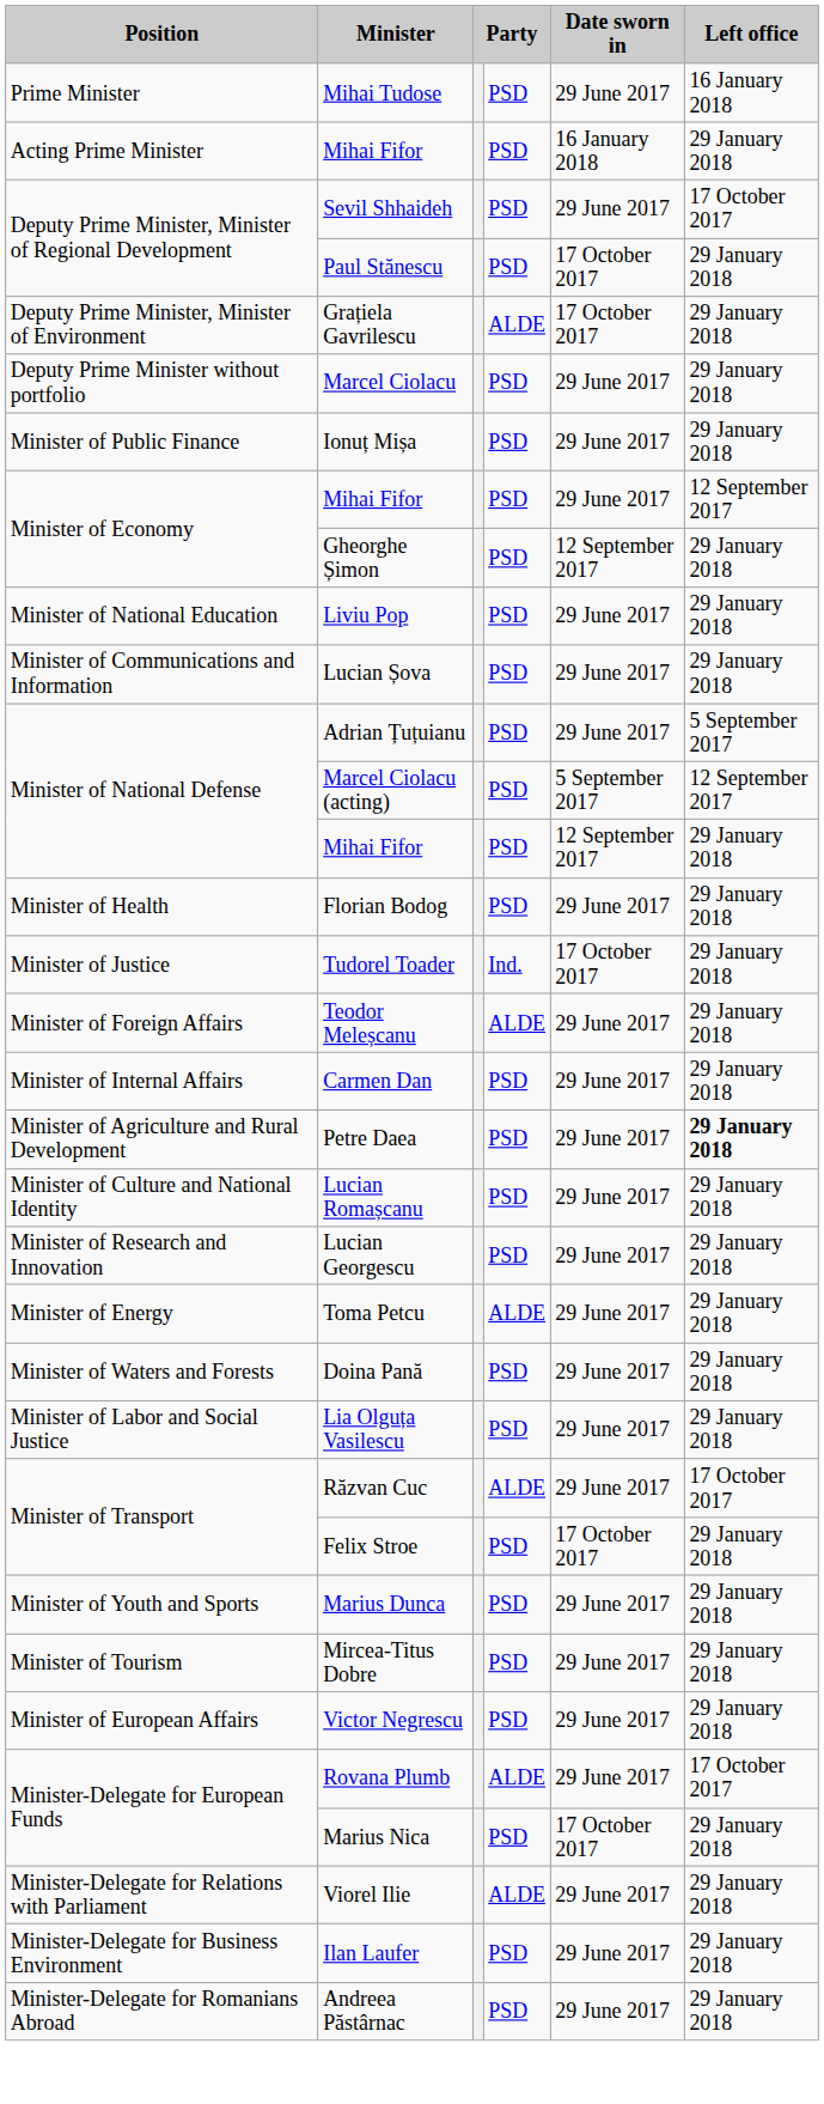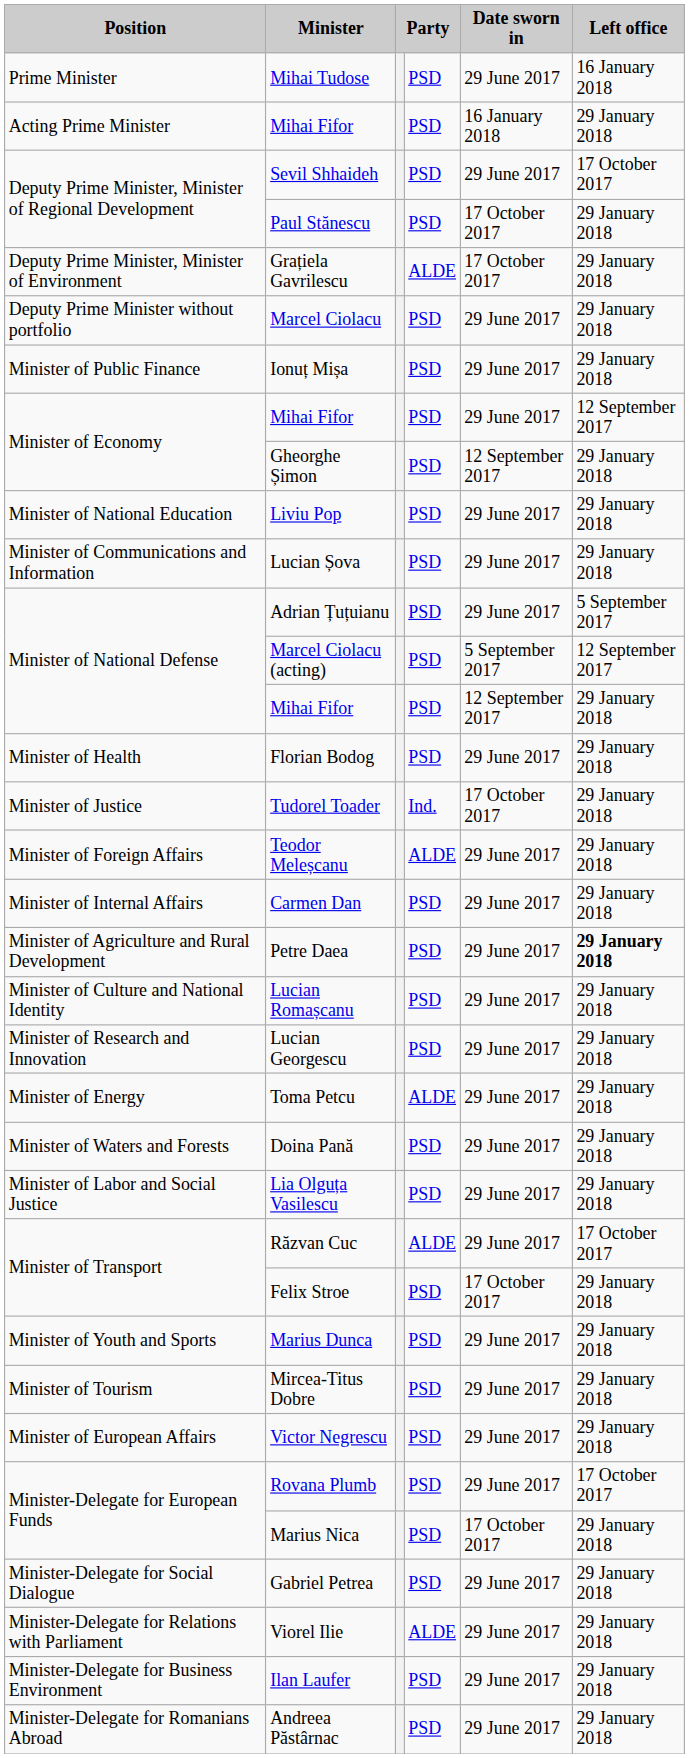 <table class="wikitable">
 <tr>
 <th style="background:#ccc;">Position</th>
 <th style="background:#ccc;">Minister</th>
 <th style="background:#ccc;" colspan="2">Party</th>
 <th style="background:#ccc;">Date sworn in</th>
 <th style="background:#ccc;">Left office</th>
 </tr>
 <tr>
 <td>Prime Minister</td>
 <td><a href='#'>Mihai Tudose</a></td>
 <th style="background-color: "></th>
 <td><a href='#'>PSD</a></td>
 <td>29 June 2017</td>
 <td>16 January 2018</td>
 </tr>
 <tr>
 <td>Acting Prime Minister</td>
 <td><a href='#'>Mihai Fifor</a></td>
 <th style="background-color: "></th>
 <td><a href='#'>PSD</a></td>
 <td>16 January 2018</td>
 <td>29 January 2018</td>
 </tr>
 <tr>
 <td rowspan=2>Deputy Prime Minister, Minister of Regional Development</td>
 <td><a href='#'>Sevil Shhaideh</a></td>
 <th style="background-color: "></th>
 <td><a href='#'>PSD</a></td>
 <td>29 June 2017</td>
 <td>17 October 2017</td>
 </tr>
 <tr>
 <td><a href='#'>Paul Stănescu</a></td>
 <th style="background-color: "></th>
 <td><a href='#'>PSD</a></td>
 <td>17 October 2017</td>
 <td>29 January 2018</td>
 </tr>
 <tr>
 <td>Deputy Prime Minister, Minister of Environment</td>
 <td>Grațiela Gavrilescu</td>
 <th style="background-color: "></th>
 <td><a href='#'>ALDE</a></td>
 <td>17 October 2017</td>
 <td>29 January 2018</td>
 </tr>
 <tr>
 <td>Deputy Prime Minister without portfolio</td>
 <td><a href='#'>Marcel Ciolacu</a></td>
 <th style="background-color: "></th>
 <td><a href='#'>PSD</a></td>
 <td>29 June 2017</td>
 <td>29 January 2018</td>
 </tr>
 <tr>
 <td>Minister of Public Finance</td>
 <td>Ionuț Mișa</td>
 <th style="background-color: "></th>
 <td><a href='#'>PSD</a></td>
 <td>29 June 2017</td>
 <td>29 January 2018</td>
 </tr>
 <tr>
 <td rowspan=2>Minister of Economy</td>
 <td><a href='#'>Mihai Fifor</a></td>
 <th style="background-color: "></th>
 <td><a href='#'>PSD</a></td>
 <td>29 June 2017</td>
 <td>12 September 2017</td>
 </tr>
 <tr>
 <td>Gheorghe Șimon</td>
 <th style="background-color: "></th>
 <td><a href='#'>PSD</a></td>
 <td>12 September 2017</td>
 <td>29 January 2018</td>
 </tr>
 <tr>
 <td>Minister of National Education</td>
 <td><a href='#'>Liviu Pop</a></td>
 <th style="background-color: "></th>
 <td><a href='#'>PSD</a></td>
 <td>29 June 2017</td>
 <td>29 January 2018</td>
 </tr>
 <tr>
 <td>Minister of Communications and Information</td>
 <td>Lucian Șova</td>
 <th style="background-color: "></th>
 <td><a href='#'>PSD</a></td>
 <td>29 June 2017</td>
 <td>29 January 2018</td>
 </tr>
 <tr>
 <td rowspan=3>Minister of National Defense</td>
 <td>Adrian Țuțuianu</td>
 <th style="background-color: "></th>
 <td><a href='#'>PSD</a></td>
 <td>29 June 2017</td>
 <td>5 September 2017</td>
 </tr>
 <tr>
 <td><a href='#'>Marcel Ciolacu</a> (acting)</td>
 <th style="background-color: "></th>
 <td><a href='#'>PSD</a></td>
 <td>5 September 2017</td>
 <td>12 September 2017</td>
 </tr>
 <tr>
 <td><a href='#'>Mihai Fifor</a></td>
 <th style="background-color: "></th>
 <td><a href='#'>PSD</a></td>
 <td>12 September 2017</td>
 <td>29 January 2018</td>
 </tr>
 <tr>
 <td>Minister of Health</td>
 <td>Florian Bodog</td>
 <th style="background-color: "></th>
 <td><a href='#'>PSD</a></td>
 <td>29 June 2017</td>
 <td>29 January 2018</td>
 </tr>
 <tr>
 <td>Minister of Justice</td>
 <td><a href='#'>Tudorel Toader</a></td>
 <th style="background-color: "></th>
 <td><a href='#'>Ind.</a></td>
 <td>17 October 2017</td>
 <td>29 January 2018</td>
 </tr>
 <tr>
 <td>Minister of Foreign Affairs</td>
 <td><a href='#'>Teodor Meleșcanu</a></td>
 <th style="background-color: "></th>
 <td><a href='#'>ALDE</a></td>
 <td>29 June 2017</td>
 <td>29 January 2018</td>
 </tr>
 <tr>
 <td>Minister of Internal Affairs</td>
 <td><a href='#'>Carmen Dan</a></td>
 <th style="background-color: "></th>
 <td><a href='#'>PSD</a></td>
 <td>29 June 2017</td>
 <td>29 January 2018</td>
 </tr>
 <tr>
 <td>Minister of Agriculture and Rural Development</td>
 <td>Petre Daea</td>
 <th style="background-color: "></th>
 <td><a href='#'>PSD</a></td>
 <td>29 June 2017</td>
 <td><strong>29 January 2018</strong></td>
 </tr>
 <tr>
 <td>Minister of Culture and National Identity</td>
 <td><a href='#'>Lucian Romașcanu</a></td>
 <th style="background-color: "></th>
 <td><a href='#'>PSD</a></td>
 <td>29 June 2017</td>
 <td>29 January 2018</td>
 </tr>
 <tr>
 <td>Minister of Research and Innovation</td>
 <td>Lucian Georgescu</td>
 <th style="background-color: "></th>
 <td><a href='#'>PSD</a></td>
 <td>29 June 2017</td>
 <td>29 January 2018</td>
 </tr>
 <tr>
 <td>Minister of Energy</td>
 <td>Toma Petcu</td>
 <th style="background-color: "></th>
 <td><a href='#'>ALDE</a></td>
 <td>29 June 2017</td>
 <td>29 January 2018</td>
 </tr>
 <tr>
 <td>Minister of Waters and Forests</td>
 <td>Doina Pană</td>
 <th style="background-color: "></th>
 <td><a href='#'>PSD</a></td>
 <td>29 June 2017</td>
 <td>29 January 2018</td>
 </tr>
 <tr>
 <td>Minister of Labor and Social Justice</td>
 <td><a href='#'>Lia Olguța Vasilescu</a></td>
 <th style="background-color: "></th>
 <td><a href='#'>PSD</a></td>
 <td>29 June 2017</td>
 <td>29 January 2018</td>
 </tr>
 <tr>
 <td rowspan=2>Minister of Transport</td>
 <td>Răzvan Cuc</td>
 <th style="background-color: "></th>
 <td><a href='#'>ALDE</a></td>
 <td>29 June 2017</td>
 <td>17 October 2017</td>
 </tr>
 <tr>
 <td>Felix Stroe</td>
 <th style="background-color: "></th>
 <td><a href='#'>PSD</a></td>
 <td>17 October 2017</td>
 <td>29 January 2018</td>
 </tr>
 <tr>
 <td>Minister of Youth and Sports</td>
 <td><a href='#'>Marius Dunca</a></td>
 <th style="background-color: "></th>
 <td><a href='#'>PSD</a></td>
 <td>29 June 2017</td>
 <td>29 January 2018</td>
 </tr>
 <tr>
 <td>Minister of Tourism</td>
 <td>Mircea-Titus Dobre</td>
 <th style="background-color: "></th>
 <td><a href='#'>PSD</a></td>
 <td>29 June 2017</td>
 <td>29 January 2018</td>
 </tr>
 <tr>
 <td>Minister of European Affairs</td>
 <td><a href='#'>Victor Negrescu</a></td>
 <th style="background-color: "></th>
 <td><a href='#'>PSD</a></td>
 <td>29 June 2017</td>
 <td>29 January 2018</td>
 </tr>
 <tr>
 <td rowspan=2>Minister-Delegate for European Funds</td>
 <td><a href='#'>Rovana Plumb</a></td>
 <th style="background-color: "></th>
-<td><a href='#'>ALDE</a></td>
+<td><a href='#'>PSD</a></td>
 <td>29 June 2017</td>
 <td>17 October 2017</td>
 </tr>
 <tr>
 <td>Marius Nica</td>
 <th style="background-color: "></th>
 <td><a href='#'>PSD</a></td>
 <td>17 October 2017</td>
+<td>29 January 2018</td>
+</tr>
+<tr>
+<td>Minister-Delegate for Social Dialogue</td>
+<td>Gabriel Petrea</td>
+<th style="background-color: "></th>
+<td><a href='#'>PSD</a></td>
+<td>29 June 2017</td>
 <td>29 January 2018</td>
 </tr>
 <tr>
 <td>Minister-Delegate for Relations with Parliament</td>
 <td>Viorel Ilie</td>
 <th style="background-color: "></th>
 <td><a href='#'>ALDE</a></td>
 <td>29 June 2017</td>
 <td>29 January 2018</td>
 </tr>
 <tr>
 <td>Minister-Delegate for Business Environment</td>
 <td><a href='#'>Ilan Laufer</a></td>
 <th style="background-color: "></th>
 <td><a href='#'>PSD</a></td>
 <td>29 June 2017</td>
 <td>29 January 2018</td>
 </tr>
 <tr>
 <td>Minister-Delegate for Romanians Abroad</td>
 <td>Andreea Păstârnac</td>
 <th style="background-color: "></th>
 <td><a href='#'>PSD</a></td>
 <td>29 June 2017</td>
 <td>29 January 2018</td>
 </tr>
 </table>
